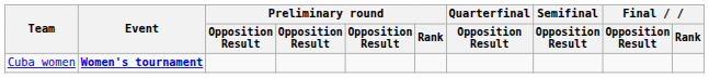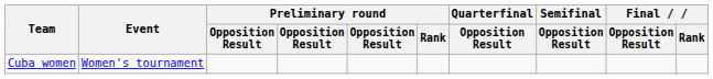 <table class="wikitable" style="font-size:90%;text-align:center">
 <tr>
 <th rowspan=2>Team</th>
 <th rowspan=2>Event</th>
 <th colspan=4>Preliminary round</th>
 <th>Quarterfinal</th>
 <th>Semifinal</th>
 <th colspan=2>Final /  / </th>
 </tr>
 <tr style=font-size:95%>
 <th>Opposition<br>Result</th>
 <th>Opposition<br>Result</th>
 <th>Opposition<br>Result</th>
 <th>Rank</th>
 <th>Opposition<br>Result</th>
 <th>Opposition<br>Result</th>
 <th>Opposition<br>Result</th>
 <th>Rank</th>
 </tr>
 <tr>
 <td style="text-align:left"><a href='#'>Cuba women</a></td>
-<td style="text-align:left"><strong><a href='#'>Women's tournament</a></strong></td>
+<td style="text-align:left"><a href='#'>Women's tournament</a></td>
 <td></td>
 <td></td>
 <td></td>
 <td></td>
 <td></td>
 <td></td>
 <td></td>
 <td></td>
 </tr>
 </table>
